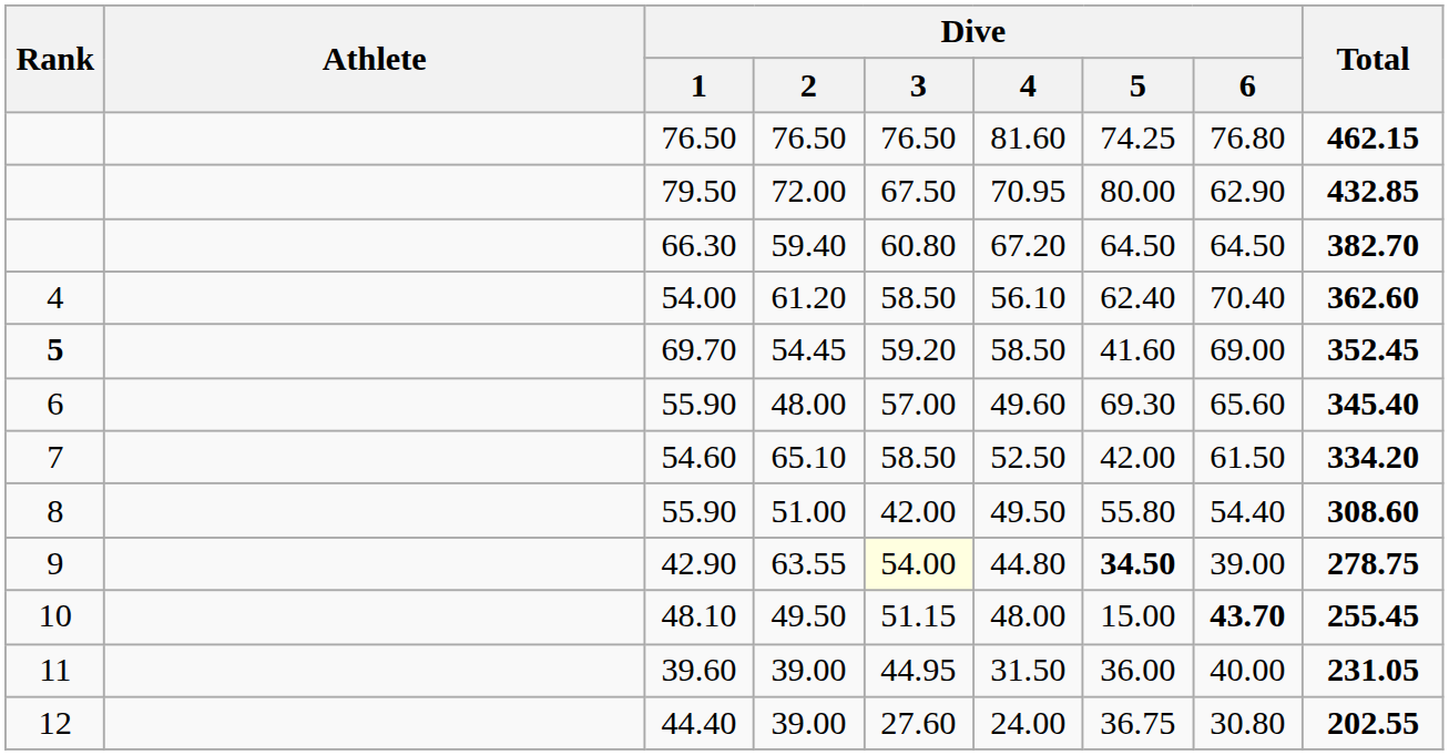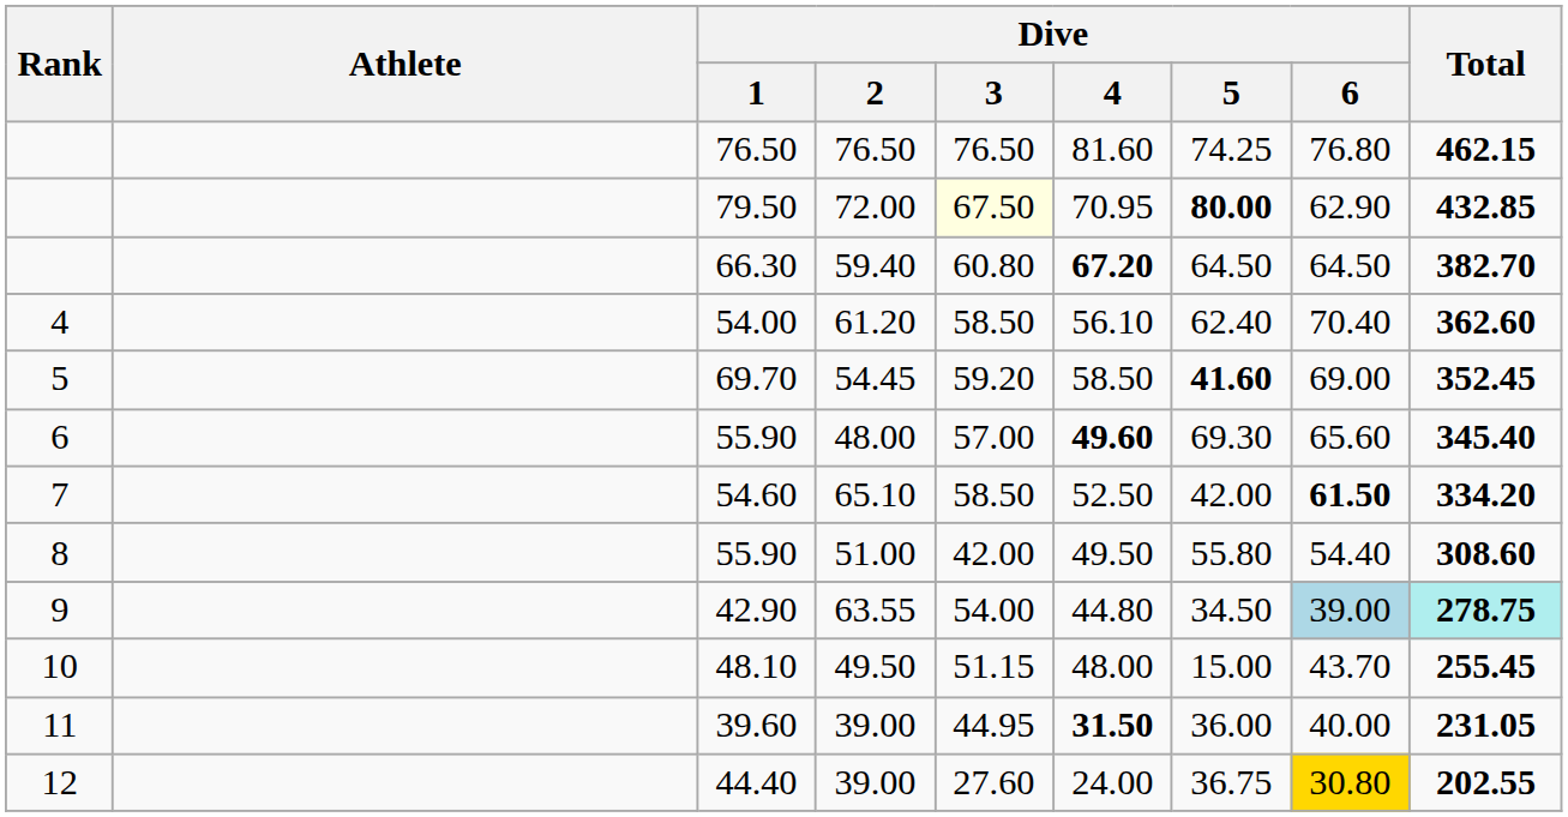 <table class=wikitable style="text-align:center">
 <tr>
 <th rowspan="2" width=40>Rank</th>
 <th rowspan="2" width=250>Athlete</th>
 <th colspan="6">Dive</th>
 <th rowspan="2" width=60>Total</th>
 </tr>
 <tr>
 <th width=45>1</th>
 <th width=45>2</th>
 <th width=45>3</th>
 <th width=45>4</th>
 <th width=45>5</th>
 <th width=45>6</th>
 </tr>
 <tr>
 <td></td>
 <td align=left></td>
 <td>76.50</td>
 <td>76.50</td>
 <td>76.50</td>
 <td>81.60</td>
 <td>74.25</td>
 <td>76.80</td>
 <td><strong>462.15</strong></td>
 </tr>
 <tr>
 <td></td>
 <td align=left></td>
 <td>79.50</td>
 <td>72.00</td>
-<td>67.50</td>
+<td style="background: lightyellow;">67.50</td>
 <td>70.95</td>
-<td>80.00</td>
+<td><strong>80.00</strong></td>
 <td>62.90</td>
 <td><strong>432.85</strong></td>
 </tr>
 <tr>
 <td></td>
 <td align=left></td>
 <td>66.30</td>
 <td>59.40</td>
 <td>60.80</td>
-<td>67.20</td>
+<td><strong>67.20</strong></td>
 <td>64.50</td>
 <td>64.50</td>
 <td><strong>382.70</strong></td>
 </tr>
 <tr>
 <td>4</td>
 <td align=left></td>
 <td>54.00</td>
 <td>61.20</td>
 <td>58.50</td>
 <td>56.10</td>
 <td>62.40</td>
 <td>70.40</td>
 <td><strong>362.60</strong></td>
 </tr>
 <tr>
-<td><strong>5</strong></td>
+<td>5</td>
 <td align=left></td>
 <td>69.70</td>
 <td>54.45</td>
 <td>59.20</td>
 <td>58.50</td>
-<td>41.60</td>
+<td><strong>41.60</strong></td>
 <td>69.00</td>
 <td><strong>352.45</strong></td>
 </tr>
 <tr>
 <td>6</td>
 <td align=left></td>
 <td>55.90</td>
 <td>48.00</td>
 <td>57.00</td>
-<td>49.60</td>
+<td><strong>49.60</strong></td>
 <td>69.30</td>
 <td>65.60</td>
 <td><strong>345.40</strong></td>
 </tr>
 <tr>
 <td>7</td>
 <td align=left></td>
 <td>54.60</td>
 <td>65.10</td>
 <td>58.50</td>
 <td>52.50</td>
 <td>42.00</td>
-<td>61.50</td>
+<td><strong>61.50</strong></td>
 <td><strong>334.20</strong></td>
 </tr>
 <tr>
 <td>8</td>
 <td align=left></td>
 <td>55.90</td>
 <td>51.00</td>
 <td>42.00</td>
 <td>49.50</td>
 <td>55.80</td>
 <td>54.40</td>
 <td><strong>308.60</strong></td>
 </tr>
 <tr>
 <td>9</td>
 <td align=left></td>
 <td>42.90</td>
 <td>63.55</td>
-<td style="background: lightyellow;">54.00</td>
+<td>54.00</td>
 <td>44.80</td>
-<td><strong>34.50</strong></td>
-<td>39.00</td>
-<td><strong>278.75</strong></td>
+<td>34.50</td>
+<td style="background: lightblue;">39.00</td>
+<td style="background: paleturquoise;"><strong>278.75</strong></td>
 </tr>
 <tr>
 <td>10</td>
 <td align=left></td>
 <td>48.10</td>
 <td>49.50</td>
 <td>51.15</td>
 <td>48.00</td>
 <td>15.00</td>
-<td><strong>43.70</strong></td>
+<td>43.70</td>
 <td><strong>255.45</strong></td>
 </tr>
 <tr>
 <td>11</td>
 <td align=left></td>
 <td>39.60</td>
 <td>39.00</td>
 <td>44.95</td>
-<td>31.50</td>
+<td><strong>31.50</strong></td>
 <td>36.00</td>
 <td>40.00</td>
 <td><strong>231.05</strong></td>
 </tr>
 <tr>
 <td>12</td>
 <td align=left></td>
 <td>44.40</td>
 <td>39.00</td>
 <td>27.60</td>
 <td>24.00</td>
 <td>36.75</td>
-<td>30.80</td>
+<td style="background: gold;">30.80</td>
 <td><strong>202.55</strong></td>
 </tr>
 </table>
